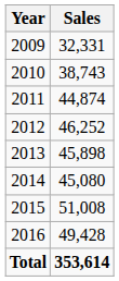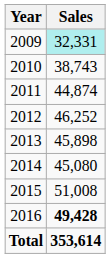 <table class="wikitable" style="float:center; clear:center; margin:0em 0em 1em 1em; text-align:center">
 <tr>
 <th>Year</th>
 <th>Sales</th>
 </tr>
 <tr>
 <td>2009</td>
-<td>32,331</td>
+<td style="background: paleturquoise;">32,331</td>
 </tr>
 <tr>
 <td>2010</td>
 <td>38,743</td>
 </tr>
 <tr>
 <td>2011</td>
 <td>44,874</td>
 </tr>
 <tr>
 <td>2012</td>
 <td>46,252</td>
 </tr>
 <tr>
 <td>2013</td>
 <td>45,898</td>
 </tr>
 <tr>
 <td>2014</td>
 <td>45,080</td>
 </tr>
 <tr>
 <td>2015</td>
 <td>51,008</td>
 </tr>
 <tr>
 <td>2016</td>
-<td>49,428</td>
+<td><strong>49,428</strong></td>
 </tr>
 <tr>
 <td><strong>Total</strong></td>
 <td><strong>353,614</strong></td>
 </tr>
 </table>
